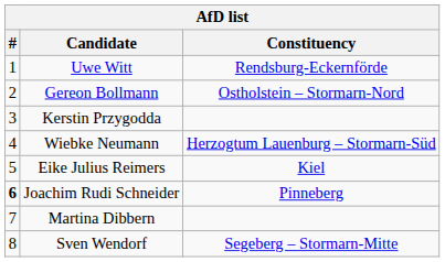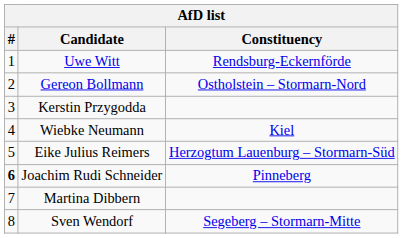 <table class="wikitable mw-collapsible mw-collapsed" style="text-align:center">
 <tr>
 <th colspan=3>AfD list</th>
 </tr>
 <tr>
 <th>#</th>
 <th>Candidate</th>
 <th>Constituency</th>
 </tr>
 <tr>
 <td>1</td>
 <td><a href='#'>Uwe Witt</a></td>
 <td><a href='#'>Rendsburg-Eckernförde</a></td>
 </tr>
 <tr>
 <td>2</td>
 <td><a href='#'>Gereon Bollmann</a></td>
 <td><a href='#'>Ostholstein – Stormarn-Nord</a></td>
 </tr>
 <tr>
 <td>3</td>
 <td>Kerstin Przygodda</td>
 <td></td>
 </tr>
 <tr>
 <td>4</td>
 <td>Wiebke Neumann</td>
-<td><a href='#'>Herzogtum Lauenburg – Stormarn-Süd</a></td>
+<td><a href='#'>Kiel</a></td>
 </tr>
 <tr>
 <td>5</td>
 <td>Eike Julius Reimers</td>
-<td><a href='#'>Kiel</a></td>
+<td><a href='#'>Herzogtum Lauenburg – Stormarn-Süd</a></td>
 </tr>
 <tr>
 <td><strong>6</strong></td>
 <td>Joachim Rudi Schneider</td>
 <td><a href='#'>Pinneberg</a></td>
 </tr>
 <tr>
 <td>7</td>
 <td>Martina Dibbern</td>
 <td></td>
 </tr>
 <tr>
 <td>8</td>
 <td>Sven Wendorf</td>
 <td><a href='#'>Segeberg – Stormarn-Mitte</a></td>
 </tr>
 </table>
